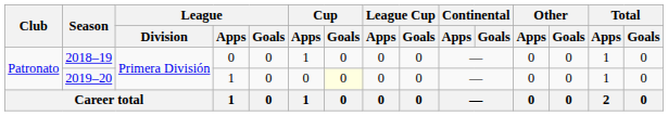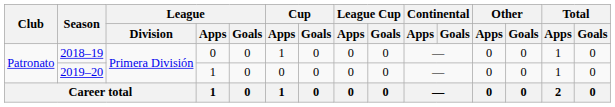 <table class="wikitable" style="text-align:center">
 <tr>
 <th rowspan="2">Club</th>
 <th rowspan="2">Season</th>
 <th colspan="3">League</th>
 <th colspan="2">Cup</th>
 <th colspan="2">League Cup</th>
 <th colspan="2">Continental</th>
 <th colspan="2">Other</th>
 <th colspan="2">Total</th>
 </tr>
 <tr>
 <th>Division</th>
 <th>Apps</th>
 <th>Goals</th>
 <th>Apps</th>
 <th>Goals</th>
 <th>Apps</th>
 <th>Goals</th>
 <th>Apps</th>
 <th>Goals</th>
 <th>Apps</th>
 <th>Goals</th>
 <th>Apps</th>
 <th>Goals</th>
 </tr>
 <tr>
 <td rowspan="2"><a href='#'>Patronato</a></td>
 <td><a href='#'>2018–19</a></td>
 <td rowspan="2"><a href='#'>Primera División</a></td>
 <td>0</td>
 <td>0</td>
 <td>1</td>
 <td>0</td>
 <td>0</td>
 <td>0</td>
 <td colspan="2">—</td>
 <td>0</td>
 <td>0</td>
 <td>1</td>
 <td>0</td>
 </tr>
 <tr>
 <td><a href='#'>2019–20</a></td>
 <td>1</td>
 <td>0</td>
 <td>0</td>
-<td style="background: lightyellow;">0</td>
+<td>0</td>
 <td>0</td>
 <td>0</td>
 <td colspan="2">—</td>
 <td>0</td>
 <td>0</td>
 <td>1</td>
 <td>0</td>
 </tr>
 <tr>
 <th colspan="3">Career total</th>
 <th>1</th>
 <th>0</th>
 <th>1</th>
 <th>0</th>
 <th>0</th>
 <th>0</th>
 <th colspan="2">—</th>
 <th>0</th>
 <th>0</th>
 <th>2</th>
 <th>0</th>
 </tr>
 </table>
